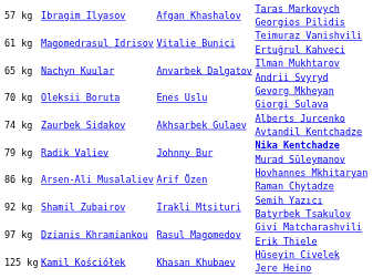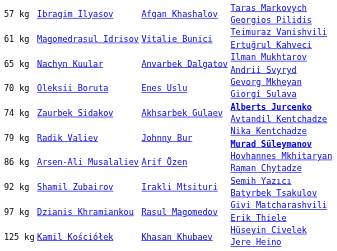 <table>
 <tr>
 <td rowspan=2>57 kg</td>
 <td rowspan=2> <a href='#'>Ibragim Ilyasov</a></td>
 <td rowspan=2> <a href='#'>Afgan Khashalov</a></td>
 <td> <a href='#'>Taras Markovych</a></td>
 </tr>
 <tr>
 <td> <a href='#'>Georgios Pilidis</a></td>
 </tr>
 <tr>
 <td rowspan=2>61 kg</td>
 <td rowspan=2> <a href='#'>Magomedrasul Idrisov</a></td>
 <td rowspan=2> <a href='#'>Vitalie Bunici</a></td>
 <td> <a href='#'>Teimuraz Vanishvili</a></td>
 </tr>
 <tr>
 <td> <a href='#'>Ertuğrul Kahveci</a></td>
 </tr>
 <tr>
 <td rowspan=2>65 kg</td>
 <td rowspan=2> <a href='#'>Nachyn Kuular</a></td>
 <td rowspan=2> <a href='#'>Anvarbek Dalgatov</a></td>
 <td> <a href='#'>Ilman Mukhtarov</a></td>
 </tr>
 <tr>
 <td> <a href='#'>Andrii Svyryd</a></td>
 </tr>
 <tr>
 <td rowspan=2>70 kg</td>
 <td rowspan=2> <a href='#'>Oleksii Boruta</a></td>
 <td rowspan=2> <a href='#'>Enes Uslu</a></td>
 <td> <a href='#'>Gevorg Mkheyan</a></td>
 </tr>
 <tr>
 <td> <a href='#'>Giorgi Sulava</a></td>
 </tr>
 <tr>
 <td rowspan=2>74 kg</td>
 <td rowspan=2> <a href='#'>Zaurbek Sidakov</a></td>
 <td rowspan=2> <a href='#'>Akhsarbek Gulaev</a></td>
-<td> <a href='#'>Alberts Jurcenko</a></td>
+<td><strong> <a href='#'>Alberts Jurcenko</a></strong></td>
 </tr>
 <tr>
 <td> <a href='#'>Avtandil Kentchadze</a></td>
 </tr>
 <tr>
 <td rowspan=2>79 kg</td>
 <td rowspan=2> <a href='#'>Radik Valiev</a></td>
 <td rowspan=2> <a href='#'>Johnny Bur</a></td>
-<td><strong> <a href='#'>Nika Kentchadze</a></strong></td>
+<td> <a href='#'>Nika Kentchadze</a></td>
 </tr>
 <tr>
-<td> <a href='#'>Murad Süleymanov</a></td>
+<td><strong> <a href='#'>Murad Süleymanov</a></strong></td>
 </tr>
 <tr>
 <td rowspan=2>86 kg</td>
 <td rowspan=2> <a href='#'>Arsen-Ali Musalaliev</a></td>
 <td rowspan=2> <a href='#'>Arif Özen</a></td>
 <td> <a href='#'>Hovhannes Mkhitaryan</a></td>
 </tr>
 <tr>
 <td> <a href='#'>Raman Chytadze</a></td>
 </tr>
 <tr>
 <td rowspan=2>92 kg</td>
 <td rowspan=2> <a href='#'>Shamil Zubairov</a></td>
 <td rowspan=2> <a href='#'>Irakli Mtsituri</a></td>
 <td> <a href='#'>Semih Yazıcı</a></td>
 </tr>
 <tr>
 <td> <a href='#'>Batyrbek Tsakulov</a></td>
 </tr>
 <tr>
 <td rowspan=2>97 kg</td>
 <td rowspan=2> <a href='#'>Dzianis Khramiankou</a></td>
 <td rowspan=2> <a href='#'>Rasul Magomedov</a></td>
 <td> <a href='#'>Givi Matcharashvili</a></td>
 </tr>
 <tr>
 <td> <a href='#'>Erik Thiele</a></td>
 </tr>
 <tr>
 <td rowspan=2>125 kg</td>
 <td rowspan=2> <a href='#'>Kamil Kościółek</a></td>
 <td rowspan=2> <a href='#'>Khasan Khubaev</a></td>
 <td> <a href='#'>Hüseyin Civelek</a></td>
 </tr>
 <tr>
 <td> <a href='#'>Jere Heino</a></td>
 </tr>
 </table>
